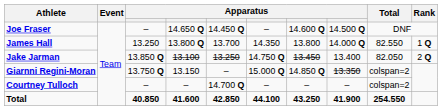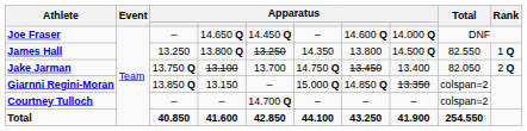 <table class="wikitable" style="font-size:90%; text-align:center">
 <tr>
 <th rowspan=2>Athlete</th>
 <th rowspan=2>Event</th>
 <th colspan=6>Apparatus</th>
 <th rowspan=2>Total</th>
 <th rowspan=2>Rank</th>
 </tr>
 <tr style="font-size:95%">
 <th></th>
 <th></th>
 <th></th>
 <th></th>
 <th></th>
 <th></th>
 </tr>
 <tr>
 <td align=left><strong><a href='#'>Joe Fraser</a></strong></td>
 <td align=left rowspan=6><a href='#'>Team</a></td>
 <td>–</td>
 <td>14.650 <strong>Q</strong></td>
 <td>14.450 <strong>Q</strong></td>
 <td>–</td>
 <td>14.600 <strong>Q</strong></td>
-<td>14.500 <strong>Q</strong></td>
+<td>14.000 <strong>Q</strong></td>
 <td colspan=2>DNF</td>
 </tr>
 <tr>
 <td align=left><strong><a href='#'>James Hall</a></strong></td>
 <td>13.250</td>
 <td>13.800 <strong>Q</strong></td>
-<td>13.700</td>
+<td><s>13.250</s></td>
 <td>14.350</td>
 <td>13.800</td>
-<td>14.000 <strong>Q</strong></td>
+<td>14.500 <strong>Q</strong></td>
 <td>82.550</td>
 <td>1 <strong>Q</strong></td>
 </tr>
 <tr>
 <td align=left><strong><a href='#'>Jake Jarman</a></strong></td>
-<td>13.850 <strong>Q</strong></td>
+<td>13.750 <strong>Q</strong></td>
 <td><s>13.100</s></td>
-<td><s>13.250</s></td>
+<td>13.700</td>
 <td>14.750 <strong>Q</strong></td>
 <td><s>13.450</s></td>
 <td>13.400</td>
 <td>82.050</td>
 <td>2 <strong>Q</strong></td>
 </tr>
 <tr>
 <td align=left><strong><a href='#'>Giarnni Regini-Moran</a></strong></td>
-<td>13.750 <strong>Q</strong></td>
+<td>13.850 <strong>Q</strong></td>
 <td>13.150</td>
 <td>–</td>
 <td>15.000 <strong>Q</strong></td>
 <td>14.850 <strong>Q</strong></td>
 <td><s>13.350</s></td>
 <td>colspan=2 </td>
 </tr>
 <tr>
 <td align=left><strong><a href='#'>Courtney Tulloch</a></strong></td>
 <td>–</td>
 <td>–</td>
 <td>14.700 <strong>Q</strong></td>
 <td>–</td>
 <td>–</td>
 <td>–</td>
 <td>colspan=2 </td>
 </tr>
 <tr>
 <td align=left><strong>Total</strong></td>
 <td><strong>40.850</strong></td>
 <td><strong>41.600</strong></td>
 <td><strong>42.850</strong></td>
 <td><strong>44.100</strong></td>
 <td><strong>43.250</strong></td>
 <td><strong>41.900</strong></td>
 <td><strong>254.550</strong></td>
 <td></td>
 </tr>
 </table>
